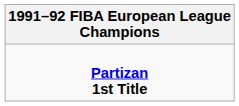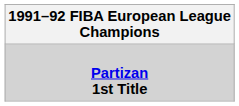 <table class=wikitable style="text-align:center; margin:auto">
 <tr>
 <th>1991–92 FIBA European League<br>Champions</th>
 </tr>
 <tr>
-<td> <br> <strong><a href='#'>Partizan</a></strong> <br> <strong>1st Title</strong></td>
+<td style="background: lightgrey;"> <br> <strong><a href='#'>Partizan</a></strong> <br> <strong>1st Title</strong></td>
 </tr>
 </table>
